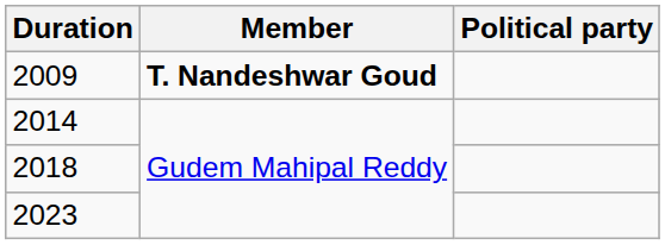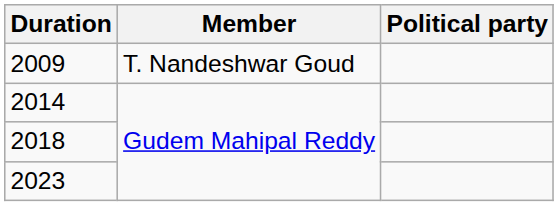 <table class="wikitable">
 <tr>
 <th>Duration</th>
 <th>Member</th>
 <th colspan="2">Political party</th>
 </tr>
 <tr>
 <td>2009</td>
-<td><strong>T. Nandeshwar Goud</strong></td>
+<td>T. Nandeshwar Goud</td>
 <td></td>
 </tr>
 <tr>
 <td>2014</td>
 <td rowspan=3><a href='#'>Gudem Mahipal Reddy</a></td>
 <td></td>
 </tr>
 <tr>
 <td>2018</td>
 </tr>
 <tr>
 <td>2023</td>
 <td></td>
 </tr>
 </table>
